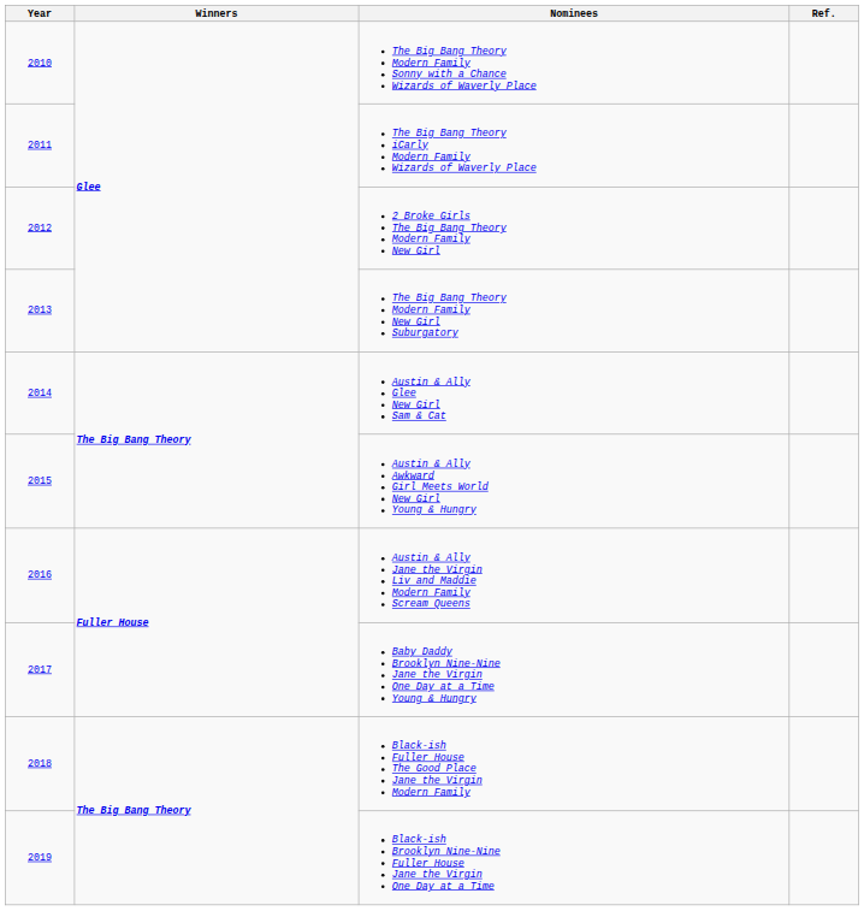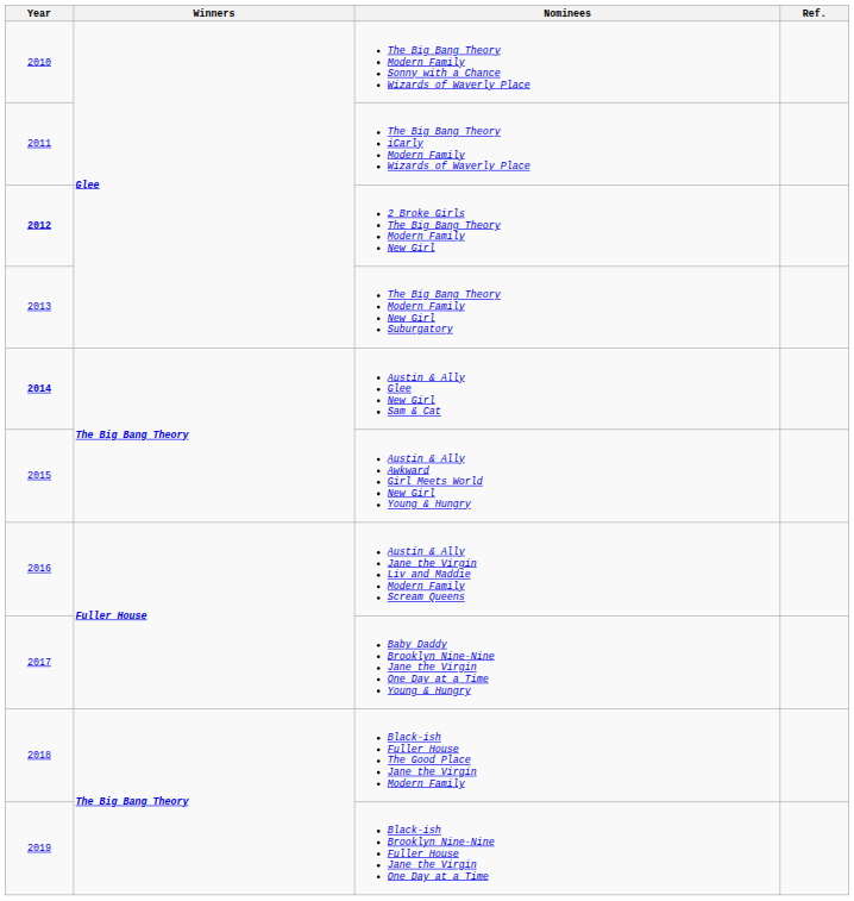 <table class="wikitable" width=70%>
 <tr>
 <th>Year</th>
 <th>Winners</th>
 <th>Nominees</th>
 <th>Ref.</th>
 </tr>
 <tr>
 <td align="center"><a href='#'>2010</a></td>
 <td rowspan=4><strong><em><a href='#'>Glee</a></em></strong></td>
 <td><br><ul><li><em><a href='#'>The Big Bang Theory</a></em></li><li><em><a href='#'>Modern Family</a></em></li><li><em><a href='#'>Sonny with a Chance</a></em></li><li><em><a href='#'>Wizards of Waverly Place</a></em></li></ul></td>
 <td align="center"></td>
 </tr>
 <tr>
 <td align="center"><a href='#'>2011</a></td>
 <td><br><ul><li><em><a href='#'>The Big Bang Theory</a></em></li><li><em><a href='#'>iCarly</a></em></li><li><em><a href='#'>Modern Family</a></em></li><li><em><a href='#'>Wizards of Waverly Place</a></em></li></ul></td>
 <td align="center"></td>
 </tr>
 <tr>
-<td align="center"><a href='#'>2012</a></td>
+<td align="center"><strong><a href='#'>2012</a></strong></td>
 <td><br><ul><li><em><a href='#'>2 Broke Girls</a></em></li><li><em><a href='#'>The Big Bang Theory</a></em></li><li><em><a href='#'>Modern Family</a></em></li><li><em><a href='#'>New Girl</a></em></li></ul></td>
 <td align="center"></td>
 </tr>
 <tr>
 <td align="center"><a href='#'>2013</a></td>
 <td><br><ul><li><em><a href='#'>The Big Bang Theory</a></em></li><li><em><a href='#'>Modern Family</a></em></li><li><em><a href='#'>New Girl</a></em></li><li><em><a href='#'>Suburgatory</a></em></li></ul></td>
 <td align="center"></td>
 </tr>
 <tr>
-<td align="center"><a href='#'>2014</a></td>
+<td align="center"><strong><a href='#'>2014</a></strong></td>
 <td rowspan=2><strong><em><a href='#'>The Big Bang Theory</a></em></strong></td>
 <td><br><ul><li><em><a href='#'>Austin & Ally</a></em></li><li><em><a href='#'>Glee</a></em></li><li><em><a href='#'>New Girl</a></em></li><li><em><a href='#'>Sam & Cat</a></em></li></ul></td>
 <td align="center"></td>
 </tr>
 <tr>
 <td align="center"><a href='#'>2015</a></td>
 <td><br><ul><li><em><a href='#'>Austin & Ally</a></em></li><li><em><a href='#'>Awkward</a></em></li><li><em><a href='#'>Girl Meets World</a></em></li><li><em><a href='#'>New Girl</a></em></li><li><em><a href='#'>Young & Hungry</a></em></li></ul></td>
 <td align="center"></td>
 </tr>
 <tr>
 <td align="center"><a href='#'>2016</a></td>
 <td rowspan=2><strong><em><a href='#'>Fuller House</a></em></strong></td>
 <td><br><ul><li><em><a href='#'>Austin & Ally</a></em></li><li><em><a href='#'>Jane the Virgin</a></em></li><li><em><a href='#'>Liv and Maddie</a></em></li><li><em><a href='#'>Modern Family</a></em></li><li><em><a href='#'>Scream Queens</a></em></li></ul></td>
 <td align="center"></td>
 </tr>
 <tr>
 <td align="center"><a href='#'>2017</a></td>
 <td><br><ul><li><em><a href='#'>Baby Daddy</a></em></li><li><em><a href='#'>Brooklyn Nine-Nine</a></em></li><li><em><a href='#'>Jane the Virgin</a></em></li><li><em><a href='#'>One Day at a Time</a></em></li><li><em><a href='#'>Young & Hungry</a></em></li></ul></td>
 <td align="center"></td>
 </tr>
 <tr>
 <td align="center"><a href='#'>2018</a></td>
 <td rowspan=2><strong><em><a href='#'>The Big Bang Theory</a></em></strong></td>
 <td><br><ul><li><em><a href='#'>Black-ish</a></em></li><li><em><a href='#'>Fuller House</a></em></li><li><em><a href='#'>The Good Place</a></em></li><li><em><a href='#'>Jane the Virgin</a></em></li><li><em><a href='#'>Modern Family</a></em></li></ul></td>
 <td align="center"></td>
 </tr>
 <tr>
 <td align="center"><a href='#'>2019</a></td>
 <td><br><ul><li><em><a href='#'>Black-ish</a></em></li><li><em><a href='#'>Brooklyn Nine-Nine</a></em></li><li><em><a href='#'>Fuller House</a></em></li><li><em><a href='#'>Jane the Virgin</a></em></li><li><em><a href='#'>One Day at a Time</a></em></li></ul></td>
 <td align="center"></td>
 </tr>
 </table>
